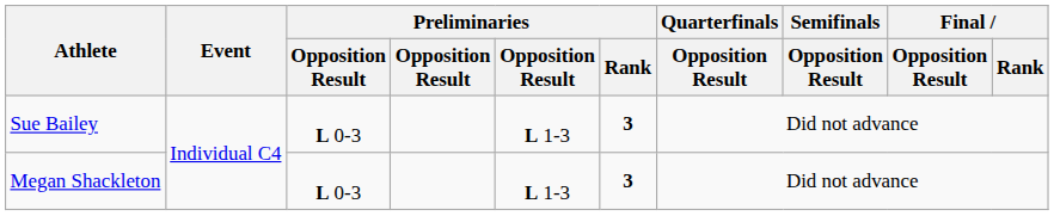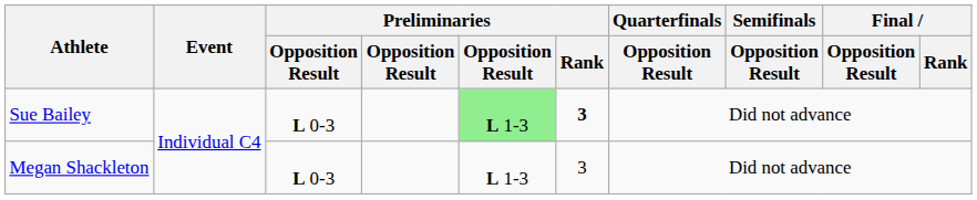 <table class=wikitable style="font-size:95%">
 <tr>
 <th rowspan="2">Athlete</th>
 <th rowspan="2">Event</th>
 <th colspan="4">Preliminaries</th>
 <th>Quarterfinals</th>
 <th>Semifinals</th>
 <th colspan="2">Final / </th>
 </tr>
 <tr>
 <th>Opposition<br>Result</th>
 <th>Opposition<br>Result</th>
 <th>Opposition<br>Result</th>
 <th>Rank</th>
 <th>Opposition<br>Result</th>
 <th>Opposition<br>Result</th>
 <th>Opposition<br>Result</th>
 <th>Rank</th>
 </tr>
 <tr align=center>
 <td align=left><a href='#'>Sue Bailey</a></td>
 <td align=left rowspan=2><a href='#'>Individual C4</a></td>
 <td><br> <strong>L</strong> 0-3</td>
 <td></td>
-<td><br> <strong>L</strong> 1-3</td>
+<td style="background: lightgreen;"><br> <strong>L</strong> 1-3</td>
 <td><strong>3</strong></td>
 <td colspan=4>Did not advance</td>
 </tr>
 <tr align=center>
 <td align=left><a href='#'>Megan Shackleton</a></td>
 <td><br> <strong>L</strong> 0-3</td>
 <td></td>
 <td><br> <strong>L</strong> 1-3</td>
-<td><strong>3</strong></td>
+<td>3</td>
 <td colspan=4>Did not advance</td>
 </tr>
 </table>
